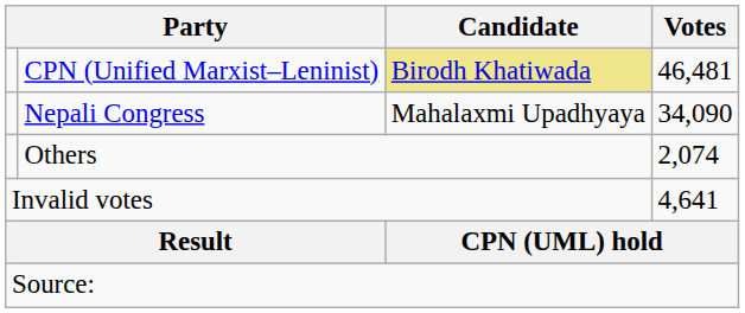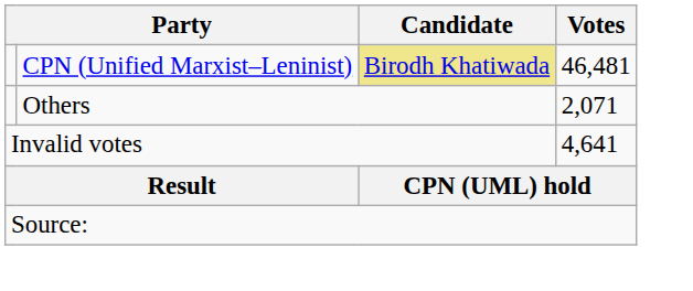 <table class="wikitable">
 <tr>
 <th colspan="2">Party</th>
 <th>Candidate</th>
 <th>Votes</th>
 </tr>
 <tr>
 <td style="background-color:"></td>
 <td><a href='#'>CPN (Unified Marxist–Leninist)</a></td>
 <td style="background: khaki;"><a href='#'>Birodh Khatiwada</a></td>
 <td>46,481</td>
 </tr>
 <tr>
-<td style="background-color:"></td>
-<td><a href='#'>Nepali Congress</a></td>
-<td>Mahalaxmi Upadhyaya</td>
-<td>34,090</td>
-</tr>
-<tr>
 <td></td>
 <td colspan="2">Others</td>
-<td>2,074</td>
+<td>2,071</td>
 </tr>
 <tr>
 <td colspan="3">Invalid votes</td>
 <td>4,641</td>
 </tr>
 <tr>
 <th colspan="2">Result</th>
 <th colspan="2">CPN (UML) hold</th>
 </tr>
 <tr>
 <td colspan="4">Source: </td>
 </tr>
 </table>
